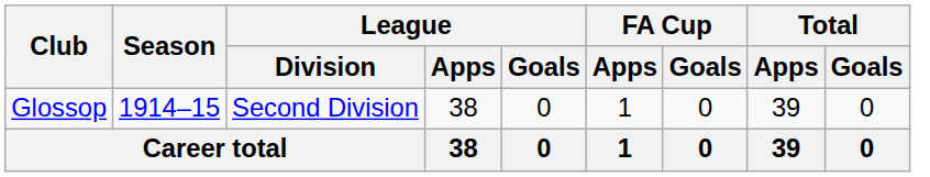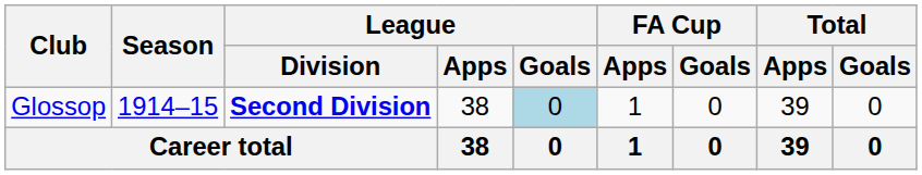 <table class="wikitable" style="text-align: center">
 <tr>
 <th rowspan="2">Club</th>
 <th rowspan="2">Season</th>
 <th colspan="3">League</th>
 <th colspan="2">FA Cup</th>
 <th colspan="2">Total</th>
 </tr>
 <tr>
 <th>Division</th>
 <th>Apps</th>
 <th>Goals</th>
 <th>Apps</th>
 <th>Goals</th>
 <th>Apps</th>
 <th>Goals</th>
 </tr>
 <tr>
 <td><a href='#'>Glossop</a></td>
 <td><a href='#'>1914–15</a></td>
-<td><a href='#'>Second Division</a></td>
+<td><strong><a href='#'>Second Division</a></strong></td>
 <td>38</td>
-<td>0</td>
+<td style="background: lightblue;">0</td>
 <td>1</td>
 <td>0</td>
 <td>39</td>
 <td>0</td>
 </tr>
 <tr>
 <th colspan="3">Career total</th>
 <th>38</th>
 <th>0</th>
 <th>1</th>
 <th>0</th>
 <th>39</th>
 <th>0</th>
 </tr>
 </table>
